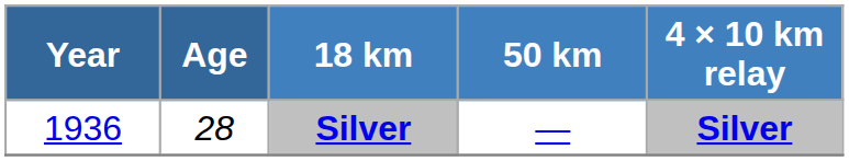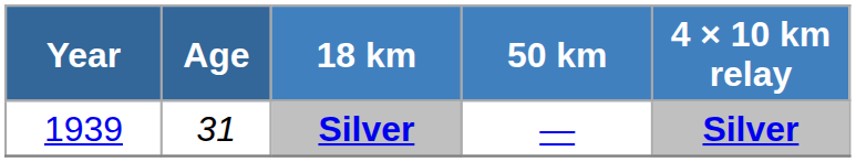 <table class="wikitable" style="font-size:95%; text-align:center; border:grey solid 1px; border-collapse:collapse; background:#ffffff;">
 <tr>
 <th style="background-color:#369; color:white; width:60px;"> Year </th>
 <th style="background-color:#369; color:white; width:40px;"> Age </th>
 <th style="background-color:#4180be; color:white; width:75px;"> 18 km </th>
 <th style="background-color:#4180be; color:white; width:75px;"> 50 km </th>
 <th style="background-color:#4180be; color:white; width:75px;"> 4 × 10 km <br> relay </th>
 </tr>
 <tr>
-<td><a href='#'>1936</a></td>
-<td><em>28</em></td>
+<td><a href='#'>1939</a></td>
+<td><em>31</em></td>
 <td style="background:silver;"><a href='#'><strong>Silver</strong></a></td>
 <td><a href='#'>—</a></td>
 <td style="background:silver;"><a href='#'><strong>Silver</strong></a></td>
 </tr>
 <tr>
 </tr>
 </table>
